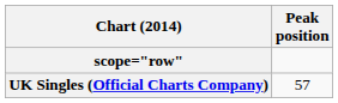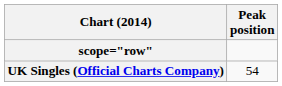 <table class="wikitable sortable plainrowheaders" style="text-align: center;">
 <tr>
 <th scope="col">Chart (2014)</th>
 <th scope="col">Peak<br>position</th>
 </tr>
 <tr>
 <th>scope="row" </th>
 </tr>
 <tr>
 <th scope="row">UK Singles (<a href='#'>Official Charts Company</a>)</th>
-<td>57</td>
+<td>54</td>
 </tr>
 </table>
